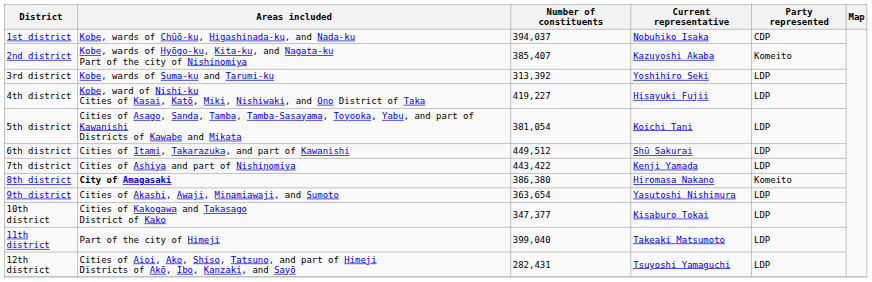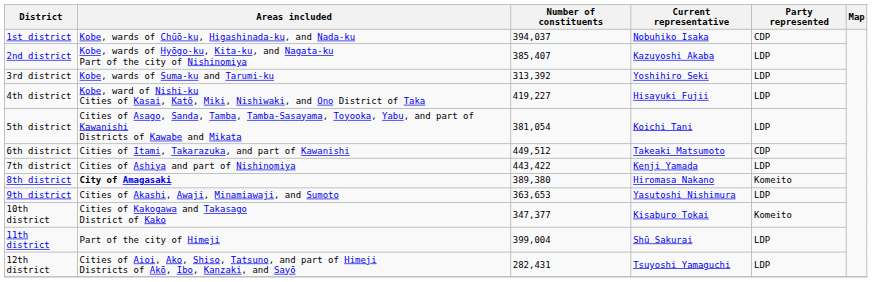 <table class="wikitable">
 <tr>
 <th>District</th>
 <th>Areas included</th>
 <th>Number of constituents</th>
 <th>Current representative</th>
 <th>Party represented</th>
 <th>Map</th>
 </tr>
 <tr>
 <td><a href='#'>1st district</a></td>
 <td><a href='#'>Kobe</a>, wards of <a href='#'>Chūō-ku</a>, <a href='#'>Higashinada-ku</a>, and <a href='#'>Nada-ku</a></td>
 <td>394,037</td>
 <td><a href='#'>Nobuhiko Isaka</a></td>
 <td>CDP</td>
 <td rowspan="12"></td>
 </tr>
 <tr>
 <td><a href='#'>2nd district</a></td>
 <td><a href='#'>Kobe</a>, wards of <a href='#'>Hyōgo-ku</a>, <a href='#'>Kita-ku</a>, and <a href='#'>Nagata-ku</a><br>Part of the city of <a href='#'>Nishinomiya</a></td>
 <td>385,407</td>
 <td><a href='#'>Kazuyoshi Akaba</a></td>
-<td>Komeito</td>
+<td>LDP</td>
 </tr>
 <tr>
 <td>3rd district</td>
 <td><a href='#'>Kobe</a>, wards of <a href='#'>Suma-ku</a> and <a href='#'>Tarumi-ku</a></td>
 <td>313,392</td>
 <td><a href='#'>Yoshihiro Seki</a></td>
 <td>LDP</td>
 </tr>
 <tr>
 <td>4th district</td>
 <td><a href='#'>Kobe</a>, ward of <a href='#'>Nishi-ku</a><br>Cities of <a href='#'>Kasai</a>, <a href='#'>Katō</a>, <a href='#'>Miki</a>, <a href='#'>Nishiwaki</a>, and <a href='#'>Ono</a> District of <a href='#'>Taka</a></td>
 <td>419,227</td>
 <td><a href='#'>Hisayuki Fujii</a></td>
 <td>LDP</td>
 </tr>
 <tr>
 <td>5th district</td>
 <td>Cities of <a href='#'>Asago</a>, <a href='#'>Sanda</a>, <a href='#'>Tamba</a>, <a href='#'>Tamba-Sasayama</a>, <a href='#'>Toyooka</a>, <a href='#'>Yabu</a>, and part of <a href='#'>Kawanishi</a><br>Districts of <a href='#'>Kawabe</a> and <a href='#'>Mikata</a></td>
 <td>381,054</td>
 <td><a href='#'>Koichi Tani</a></td>
 <td>LDP</td>
 </tr>
 <tr>
 <td>6th district</td>
 <td>Cities of <a href='#'>Itami</a>, <a href='#'>Takarazuka</a>, and part of <a href='#'>Kawanishi</a></td>
 <td>449,512</td>
-<td><a href='#'>Shū Sakurai</a></td>
-<td>LDP</td>
+<td><a href='#'>Takeaki Matsumoto</a></td>
+<td>CDP</td>
 </tr>
 <tr>
 <td>7th district</td>
 <td>Cities of <a href='#'>Ashiya</a> and part of <a href='#'>Nishinomiya</a></td>
 <td>443,422</td>
 <td><a href='#'>Kenji Yamada</a></td>
 <td>LDP</td>
 </tr>
 <tr>
 <td><a href='#'>8th district</a></td>
 <td><strong>City of <a href='#'>Amagasaki</a></strong></td>
-<td>386,380</td>
+<td>389,380</td>
 <td><a href='#'>Hiromasa Nakano</a></td>
 <td>Komeito</td>
 </tr>
 <tr>
 <td><a href='#'>9th district</a></td>
 <td>Cities of <a href='#'>Akashi</a>, <a href='#'>Awaji</a>, <a href='#'>Minamiawaji</a>, and <a href='#'>Sumoto</a></td>
-<td>363,654</td>
+<td>363,653</td>
 <td><a href='#'>Yasutoshi Nishimura</a></td>
 <td>LDP</td>
 </tr>
 <tr>
 <td>10th district</td>
 <td>Cities of <a href='#'>Kakogawa</a> and <a href='#'>Takasago</a><br>District of <a href='#'>Kako</a></td>
 <td>347,377</td>
 <td><a href='#'>Kisaburo Tokai</a></td>
-<td>LDP</td>
+<td>Komeito</td>
 </tr>
 <tr>
 <td><a href='#'>11th district</a></td>
 <td>Part of the city of <a href='#'>Himeji</a></td>
-<td>399,040</td>
-<td><a href='#'>Takeaki Matsumoto</a></td>
+<td>399,004</td>
+<td><a href='#'>Shū Sakurai</a></td>
 <td>LDP</td>
 </tr>
 <tr>
 <td>12th district</td>
 <td>Cities of <a href='#'>Aioi</a>, <a href='#'>Ako</a>, <a href='#'>Shiso</a>, <a href='#'>Tatsuno</a>, and part of <a href='#'>Himeji</a><br>Districts of <a href='#'>Akō</a>, <a href='#'>Ibo</a>, <a href='#'>Kanzaki</a>, and <a href='#'>Sayō</a></td>
 <td>282,431</td>
 <td><a href='#'>Tsuyoshi Yamaguchi</a></td>
 <td>LDP</td>
 </tr>
 <tr>
 </tr>
 </table>
